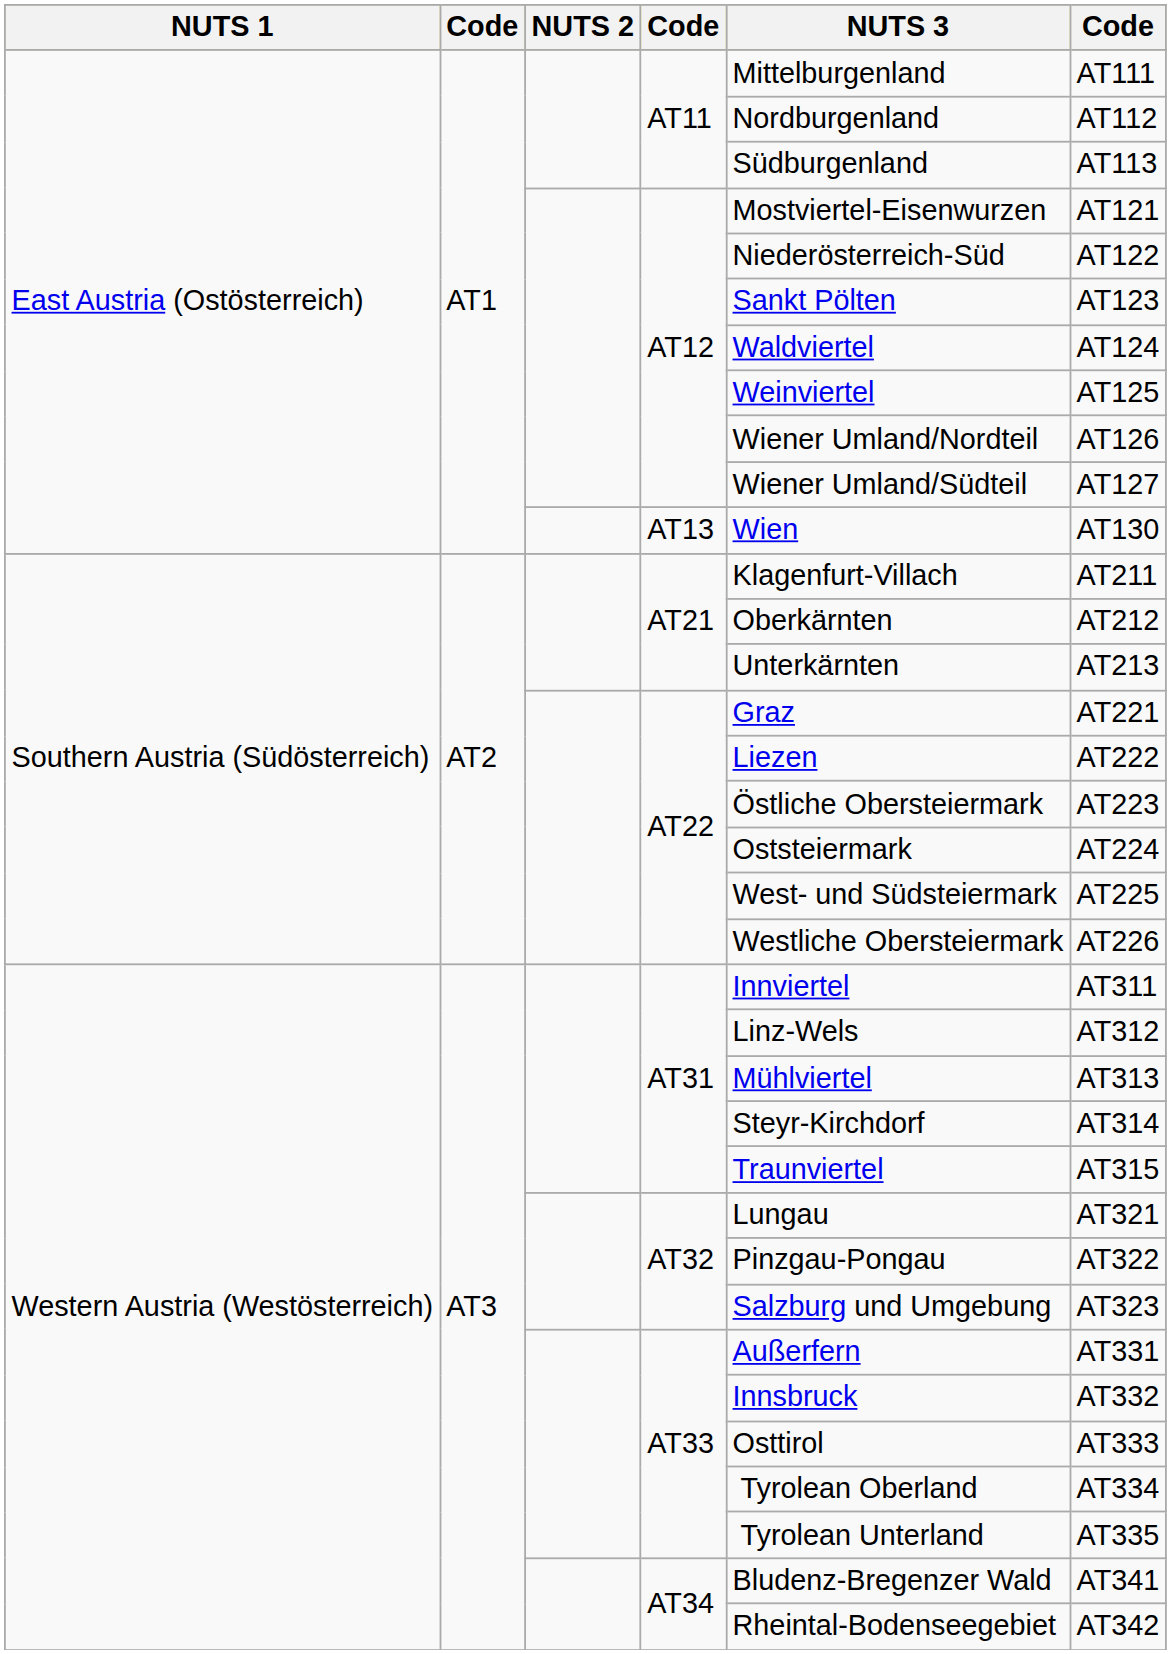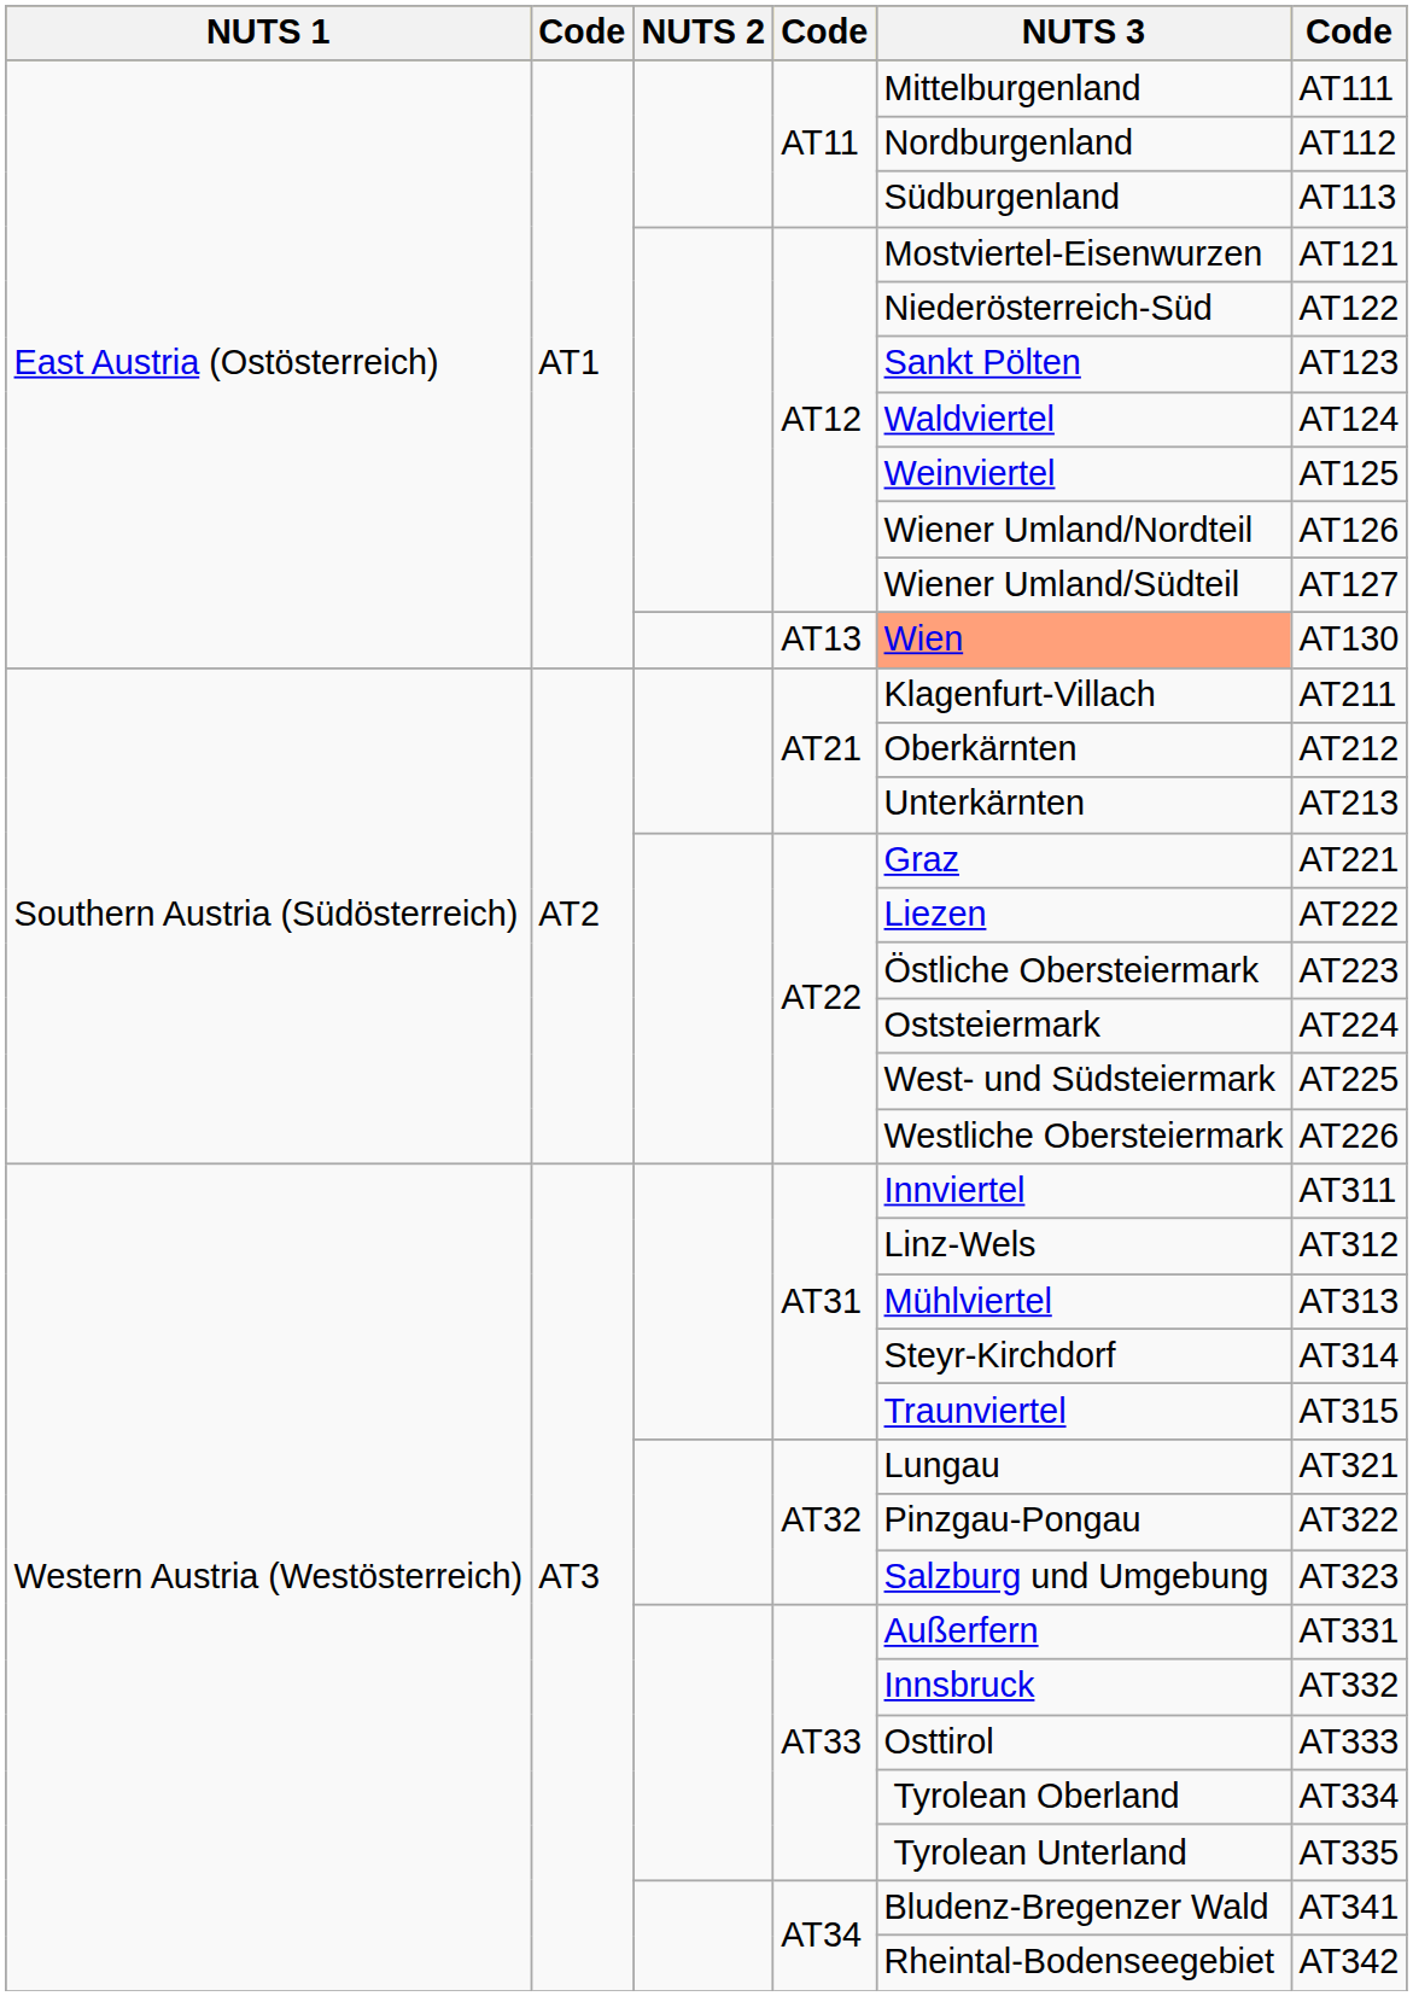 <table class = "wikitable">
 <tr style="background-color:#ffd700;text-align:left">
 <th>NUTS 1</th>
 <th>Code</th>
 <th>NUTS 2</th>
 <th>Code</th>
 <th>NUTS 3</th>
 <th>Code</th>
 </tr>
 <tr>
 <td rowspan=11><a href='#'>East Austria</a> (Ostösterreich)</td>
 <td rowspan=11>AT1</td>
 <td rowspan=3></td>
 <td rowspan=3>AT11</td>
 <td>Mittelburgenland</td>
 <td>AT111</td>
 </tr>
 <tr>
 <td>Nordburgenland</td>
 <td>AT112</td>
 </tr>
 <tr>
 <td>Südburgenland</td>
 <td>AT113</td>
 </tr>
 <tr>
 <td rowspan=7></td>
 <td rowspan=7>AT12</td>
 <td>Mostviertel-Eisenwurzen</td>
 <td>AT121</td>
 </tr>
 <tr>
 <td>Niederösterreich-Süd</td>
 <td>AT122</td>
 </tr>
 <tr>
 <td> <a href='#'>Sankt Pölten</a></td>
 <td>AT123</td>
 </tr>
 <tr>
 <td><a href='#'>Waldviertel</a></td>
 <td>AT124</td>
 </tr>
 <tr>
 <td><a href='#'>Weinviertel</a></td>
 <td>AT125</td>
 </tr>
 <tr>
 <td>Wiener Umland/Nordteil</td>
 <td>AT126</td>
 </tr>
 <tr>
 <td>Wiener Umland/Südteil</td>
 <td>AT127</td>
 </tr>
 <tr>
 <td></td>
 <td>AT13</td>
-<td> <a href='#'>Wien</a></td>
+<td style="background: lightsalmon;"> <a href='#'>Wien</a></td>
 <td>AT130</td>
 </tr>
 <tr>
 <td rowspan=9>Southern Austria (Südösterreich)</td>
 <td rowspan=9>AT2</td>
 <td rowspan=3></td>
 <td rowspan=3>AT21</td>
 <td>Klagenfurt-Villach</td>
 <td>AT211</td>
 </tr>
 <tr>
 <td>Oberkärnten</td>
 <td>AT212</td>
 </tr>
 <tr>
 <td>Unterkärnten</td>
 <td>AT213</td>
 </tr>
 <tr>
 <td rowspan=6></td>
 <td rowspan=6>AT22</td>
 <td> <a href='#'>Graz</a></td>
 <td>AT221</td>
 </tr>
 <tr>
 <td> <a href='#'>Liezen</a></td>
 <td>AT222</td>
 </tr>
 <tr>
 <td>Östliche Obersteiermark</td>
 <td>AT223</td>
 </tr>
 <tr>
 <td>Oststeiermark</td>
 <td>AT224</td>
 </tr>
 <tr>
 <td>West- und Südsteiermark</td>
 <td>AT225</td>
 </tr>
 <tr>
 <td>Westliche Obersteiermark</td>
 <td>AT226</td>
 </tr>
 <tr>
 <td rowspan="15">Western Austria (Westösterreich)</td>
 <td rowspan="15">AT3</td>
 <td rowspan="5"></td>
 <td rowspan="5">AT31</td>
 <td><a href='#'>Innviertel</a></td>
 <td>AT311</td>
 </tr>
 <tr>
 <td>Linz-Wels</td>
 <td>AT312</td>
 </tr>
 <tr>
 <td><a href='#'>Mühlviertel</a></td>
 <td>AT313</td>
 </tr>
 <tr>
 <td>Steyr-Kirchdorf</td>
 <td>AT314</td>
 </tr>
 <tr>
 <td><a href='#'>Traunviertel</a></td>
 <td>AT315</td>
 </tr>
 <tr>
 <td rowspan=3></td>
 <td rowspan=3>AT32</td>
 <td>Lungau</td>
 <td>AT321</td>
 </tr>
 <tr>
 <td>Pinzgau-Pongau</td>
 <td>AT322</td>
 </tr>
 <tr>
 <td> <a href='#'>Salzburg</a> und Umgebung</td>
 <td>AT323</td>
 </tr>
 <tr>
 <td rowspan=5></td>
 <td rowspan=5>AT33</td>
 <td><a href='#'>Außerfern</a></td>
 <td>AT331</td>
 </tr>
 <tr>
 <td> <a href='#'>Innsbruck</a></td>
 <td>AT332</td>
 </tr>
 <tr>
 <td>Osttirol</td>
 <td>AT333</td>
 </tr>
 <tr>
 <td> Tyrolean Oberland </td>
 <td>AT334</td>
 </tr>
 <tr>
 <td> Tyrolean Unterland </td>
 <td>AT335</td>
 </tr>
 <tr>
 <td rowspan=2></td>
 <td rowspan=2>AT34</td>
 <td>Bludenz-Bregenzer Wald</td>
 <td>AT341</td>
 </tr>
 <tr>
 <td>Rheintal-Bodenseegebiet</td>
 <td>AT342</td>
 </tr>
 </table>
